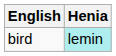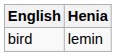 <table class="wikitable">
 <tr>
 <th>English</th>
 <th>Henia</th>
 </tr>
 <tr>
 <td>bird</td>
-<td style="background: paleturquoise;">lemin</td>
+<td>lemin</td>
 </tr>
 </table>
